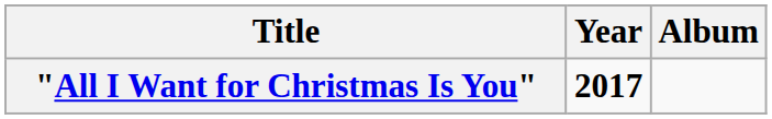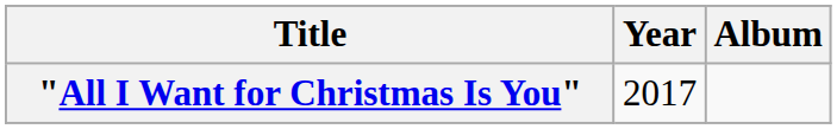 <table class="wikitable plainrowheaders" style="text-align:center;">
 <tr>
 <th scope="col" rowspan="1" style="width:16em;">Title</th>
 <th scope="col" rowspan="1">Year</th>
 <th scope="col" rowspan="1">Album</th>
 </tr>
 <tr>
 <th scope="row">"<a href='#'>All I Want for Christmas Is You</a>"</th>
-<td><strong>2017</strong></td>
+<td>2017</td>
 <td></td>
 </tr>
 </table>
